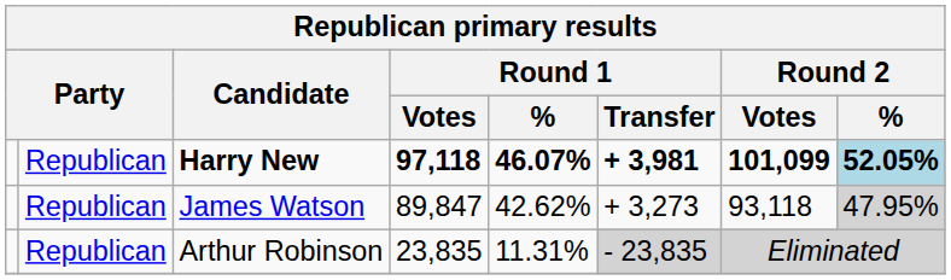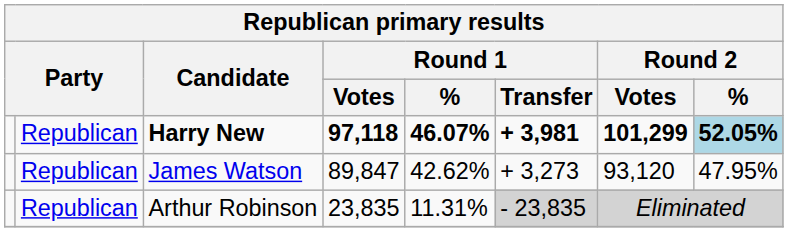 <table class="wikitable">
 <tr>
 <th colspan="16">Republican primary results</th>
 </tr>
 <tr>
 <th colspan="2" rowspan="2">Party</th>
 <th rowspan="2">Candidate</th>
 <th colspan="3">Round 1</th>
 <th colspan="3">Round 2</th>
 </tr>
 <tr>
 <th>Votes</th>
 <th>%</th>
 <th>Transfer</th>
 <th>Votes</th>
 <th>%</th>
 </tr>
 <tr>
 <td style="background-color:"></td>
 <td><a href='#'>Republican</a></td>
 <td><strong>Harry New</strong></td>
 <td><strong>97,118</strong></td>
 <td><strong>46.07%</strong></td>
 <td><strong>+ 3,981</strong></td>
-<td><strong>101,099</strong></td>
+<td><strong>101,299</strong></td>
 <td style="background: lightblue;"><strong>52.05%</strong></td>
 </tr>
 <tr>
 <td style="background-color:"></td>
 <td><a href='#'>Republican</a></td>
 <td><a href='#'>James Watson</a></td>
 <td>89,847</td>
 <td>42.62%</td>
 <td>+ 3,273</td>
-<td>93,118</td>
-<td style="background: lightgrey;">47.95%</td>
+<td>93,120</td>
+<td>47.95%</td>
 </tr>
 <tr>
 <td style="background-color:"></td>
 <td><a href='#'>Republican</a></td>
 <td>Arthur Robinson</td>
 <td>23,835</td>
 <td>11.31%</td>
 <td BGCOLOR=lightgray>- 23,835</td>
 <td colspan=2 bgcolor=lightgray align=center><em>Eliminated</em></td>
 </tr>
 <tr>
 </tr>
 </table>
